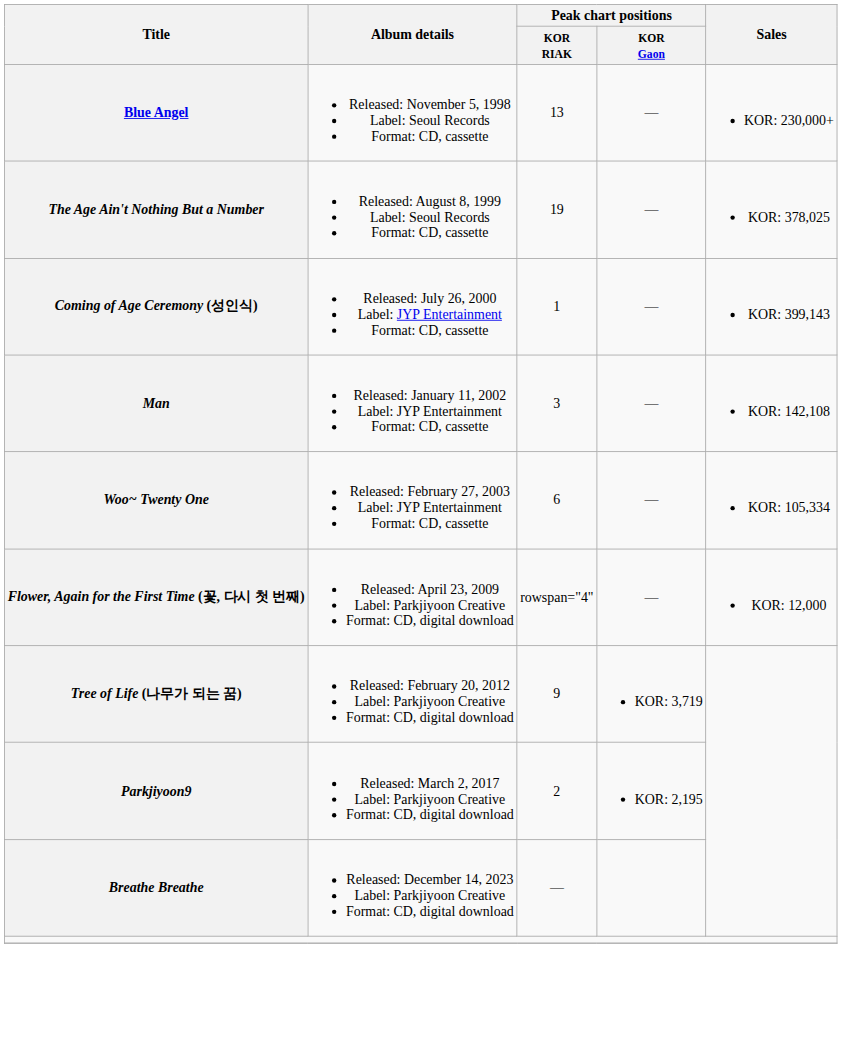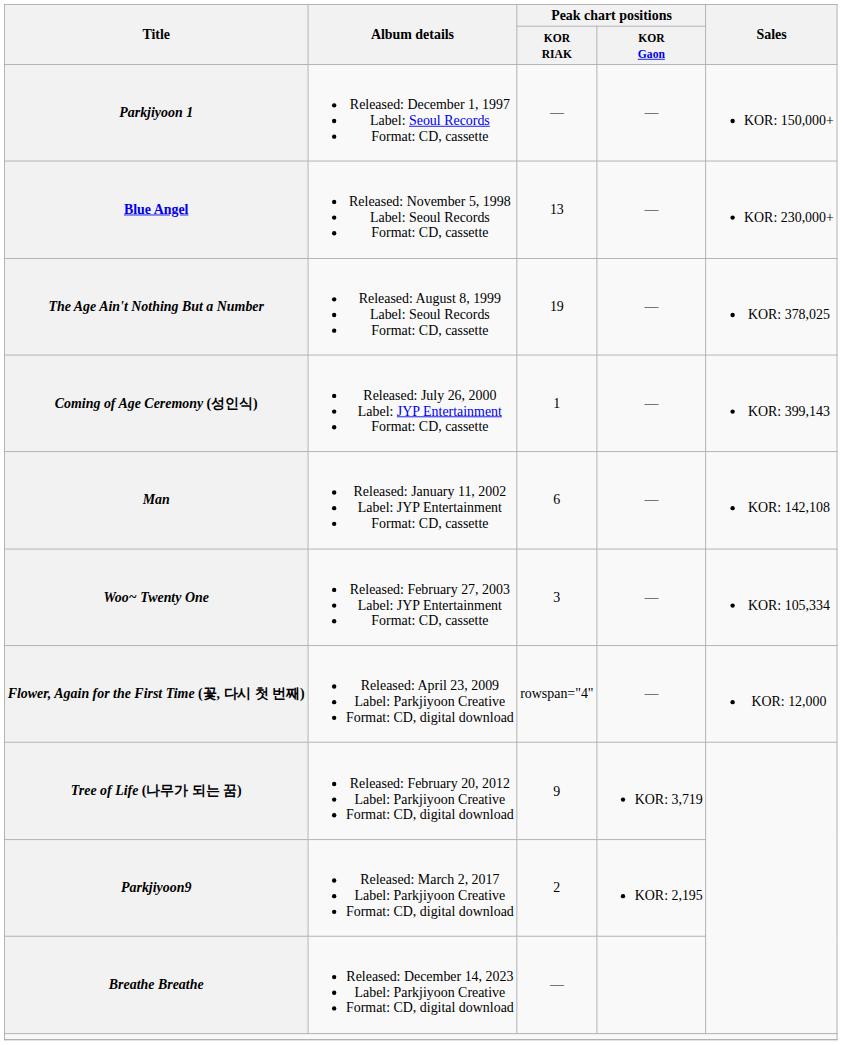 <table class="wikitable plainrowheaders" style="text-align:center;">
 <tr>
 <th scope="col" rowspan="2">Title</th>
 <th scope="col" rowspan="2">Album details</th>
 <th colspan="2" scope="col" style="width:5em;">Peak chart positions</th>
 <th scope="col" rowspan="2">Sales</th>
 </tr>
 <tr>
 <th><small>KOR<br>RIAK</small><br></th>
 <th><small>KOR<br><a href='#'>Gaon</a></small><br></th>
+</tr>
+<tr>
+<th scope="row"><em>Parkjiyoon 1</em></th>
+<td><br><ul><li>Released: December 1, 1997</li><li>Label: <a href='#'>Seoul Records</a></li><li>Format: CD, cassette</li></ul></td>
+<td>—</td>
+<td>—</td>
+<td><br><ul><li>KOR: 150,000+</li></ul></td>
 </tr>
 <tr>
 <th scope="row"><em><a href='#'></em>Blue Angel<em></a></em></th>
 <td><br><ul><li>Released: November 5, 1998</li><li>Label: Seoul Records</li><li>Format: CD, cassette</li></ul></td>
 <td>13</td>
 <td>—</td>
 <td><br><ul><li>KOR: 230,000+</li></ul></td>
 </tr>
 <tr>
 <th scope="row"><em>The Age Ain't Nothing But a Number</em></th>
 <td><br><ul><li>Released: August 8, 1999</li><li>Label: Seoul Records</li><li>Format: CD, cassette</li></ul></td>
 <td>19</td>
 <td>—</td>
 <td><br><ul><li>KOR: 378,025</li></ul></td>
 </tr>
 <tr>
 <th scope="row"><em>Coming of Age Ceremony</em> (성인식)</th>
 <td><br><ul><li>Released: July 26, 2000</li><li>Label: <a href='#'>JYP Entertainment</a></li><li>Format: CD, cassette</li></ul></td>
 <td>1</td>
 <td>—</td>
 <td><br><ul><li>KOR: 399,143</li></ul></td>
 </tr>
 <tr>
 <th scope="row"><em>Man</em></th>
 <td><br><ul><li>Released: January 11, 2002</li><li>Label: JYP Entertainment</li><li>Format: CD, cassette</li></ul></td>
-<td>3</td>
+<td>6</td>
 <td>—</td>
 <td><br><ul><li>KOR: 142,108</li></ul></td>
 </tr>
 <tr>
 <th scope="row"><em>Woo~ Twenty One</em></th>
 <td><br><ul><li>Released: February 27, 2003</li><li>Label: JYP Entertainment</li><li>Format: CD, cassette</li></ul></td>
-<td>6</td>
+<td>3</td>
 <td>—</td>
 <td><br><ul><li>KOR: 105,334</li></ul></td>
 </tr>
 <tr>
 <th scope="row"><em>Flower, Again for the First Time</em> (꽃, 다시 첫 번째)</th>
 <td><br><ul><li>Released: April 23, 2009</li><li>Label: Parkjiyoon Creative</li><li>Format: CD, digital download</li></ul></td>
 <td>rowspan="4" </td>
 <td>—</td>
 <td><br><ul><li>KOR: 12,000</li></ul></td>
 </tr>
 <tr>
 <th scope="row"><em>Tree of Life</em> (나무가 되는 꿈)</th>
 <td><br><ul><li>Released: February 20, 2012</li><li>Label: Parkjiyoon Creative</li><li>Format: CD, digital download</li></ul></td>
 <td>9</td>
 <td><br><ul><li>KOR: 3,719</li></ul></td>
 </tr>
 <tr>
 <th scope="row"><em>Parkjiyoon9</em></th>
 <td><br><ul><li>Released: March 2, 2017</li><li>Label: Parkjiyoon Creative</li><li>Format: CD, digital download</li></ul></td>
 <td>2</td>
 <td><br><ul><li>KOR: 2,195</li></ul></td>
 </tr>
 <tr>
 <th scope="row"><em>Breathe Breathe</em></th>
 <td><br><ul><li>Released: December 14, 2023</li><li>Label: Parkjiyoon Creative</li><li>Format: CD, digital download</li></ul></td>
 <td>—</td>
 <td></td>
 </tr>
 <tr>
 <td colspan="5"></td>
 </tr>
 <tr>
 </tr>
 </table>
